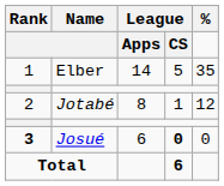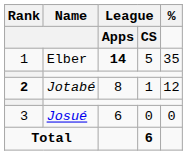 <table class="wikitable" style="text-align:center">
 <tr>
 <th>Rank</th>
 <th>Name</th>
 <th colspan=2>League</th>
 <th>%</th>
 </tr>
 <tr>
 <th colspan=2></th>
 <th>Apps</th>
 <th>CS</th>
 </tr>
 <tr>
 <td>1</td>
 <td align="left"> Elber</td>
-<td>14</td>
+<td><strong>14</strong></td>
 <td>5</td>
 <td>35</td>
 </tr>
 <tr>
 <th></th>
 </tr>
 <tr>
-<td>2</td>
+<td><strong>2</strong></td>
 <td align="left"> <em>Jotabé</em></td>
 <td>8</td>
 <td>1</td>
 <td>12</td>
 </tr>
 <tr>
 <th></th>
 </tr>
 <tr>
-<td><strong>3</strong></td>
+<td>3</td>
 <td align="left"> <em><a href='#'>Josué</a></em></td>
 <td>6</td>
-<td><strong>0</strong></td>
+<td>0</td>
 <td>0</td>
 </tr>
 <tr>
 <td colspan=2><strong>Total</strong></td>
 <td></td>
 <td><strong>6</strong></td>
 <td></td>
 </tr>
 </table>
